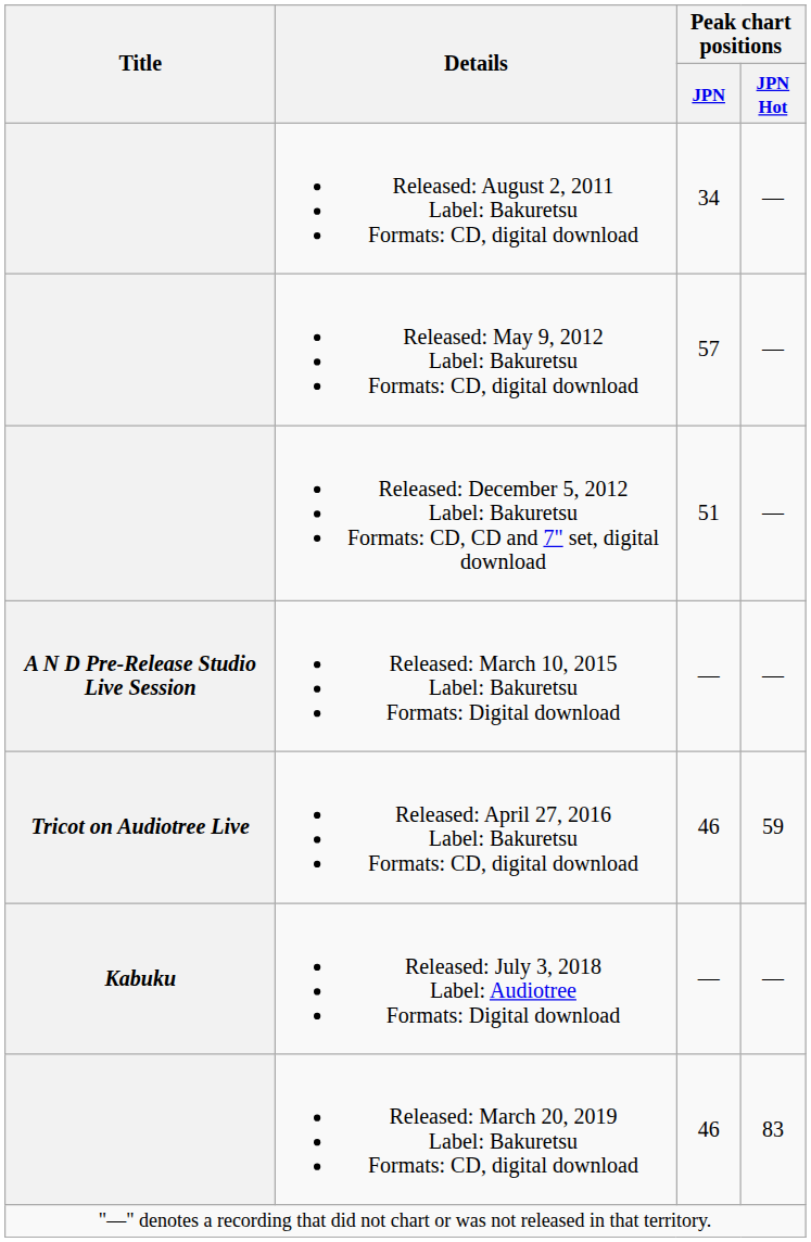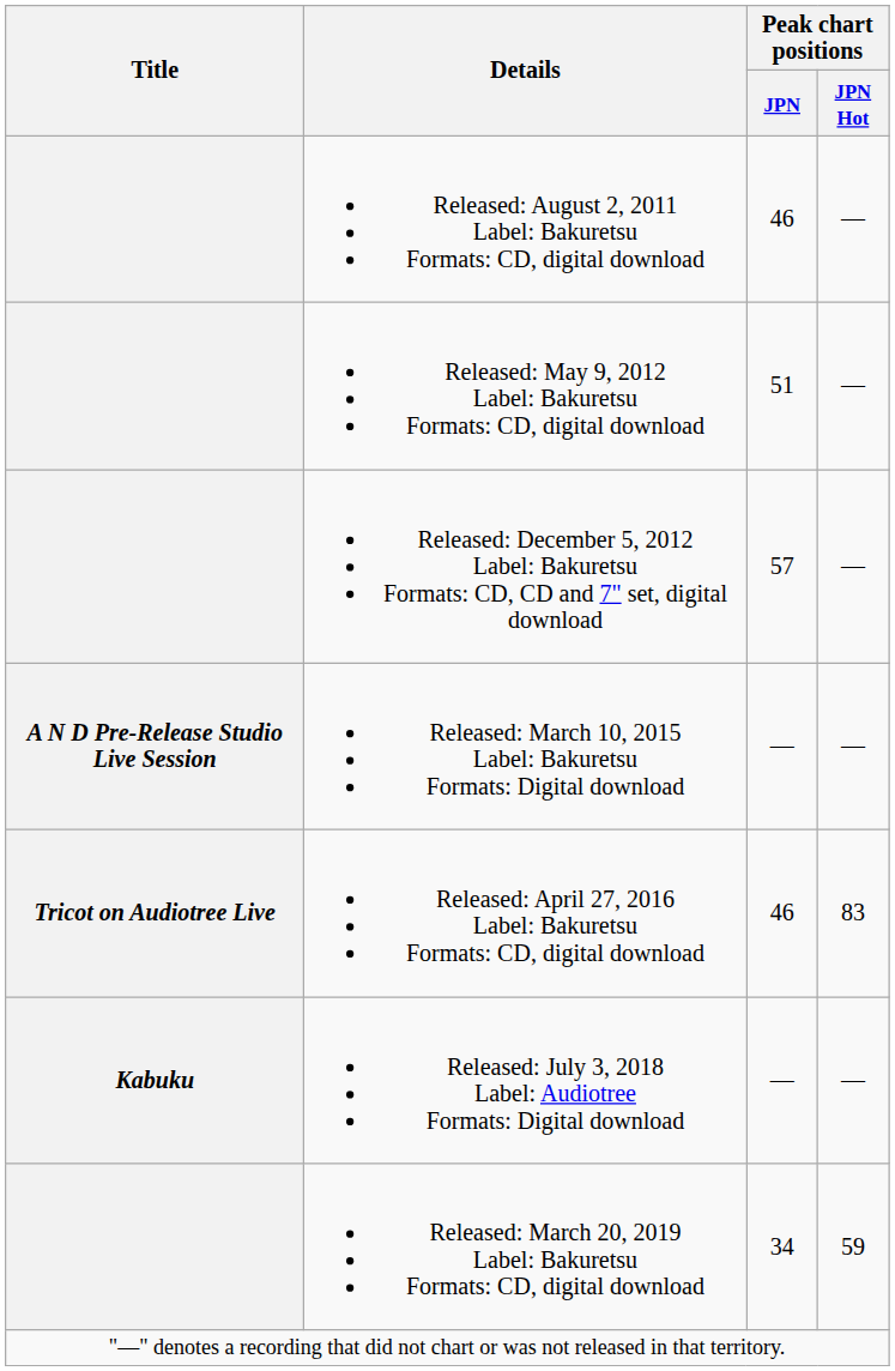 <table class="wikitable plainrowheaders" style="text-align:center;">
 <tr>
 <th rowspan="2" style="width:12em;">Title</th>
 <th rowspan="2" style="width:18em;">Details</th>
 <th colspan="2">Peak chart positions</th>
 </tr>
 <tr>
 <th style="width:2.5em;"><small><a href='#'>JPN</a></small></th>
 <th style="width:2.5em;"><small><a href='#'>JPN Hot</a></small></th>
 </tr>
 <tr>
 <th scope="row"></th>
 <td><br><ul><li>Released: August 2, 2011</li><li>Label: Bakuretsu</li><li>Formats: CD, digital download</li></ul></td>
-<td>34</td>
+<td>46</td>
 <td>—</td>
 </tr>
 <tr>
 <th scope="row"></th>
 <td><br><ul><li>Released: May 9, 2012</li><li>Label: Bakuretsu</li><li>Formats: CD, digital download</li></ul></td>
-<td>57</td>
+<td>51</td>
 <td>—</td>
 </tr>
 <tr>
 <th scope="row"></th>
 <td><br><ul><li>Released: December 5, 2012</li><li>Label: Bakuretsu</li><li>Formats: CD, CD and <a href='#'>7"</a> set, digital download</li></ul></td>
-<td>51</td>
+<td>57</td>
 <td>—</td>
 </tr>
 <tr>
 <th scope="row"><em>A N D Pre-Release Studio Live Session</em></th>
 <td><br><ul><li>Released: March 10, 2015</li><li>Label: Bakuretsu</li><li>Formats: Digital download</li></ul></td>
 <td>—</td>
 <td>—</td>
 </tr>
 <tr>
 <th scope="row"><em>Tricot on Audiotree Live</em></th>
 <td><br><ul><li>Released: April 27, 2016</li><li>Label: Bakuretsu</li><li>Formats: CD, digital download</li></ul></td>
 <td>46</td>
-<td>59</td>
+<td>83</td>
 </tr>
 <tr>
 <th scope="row"><em>Kabuku</em></th>
 <td><br><ul><li>Released: July 3, 2018</li><li>Label: <a href='#'>Audiotree</a></li><li>Formats: Digital download</li></ul></td>
 <td>—</td>
 <td>—</td>
 </tr>
 <tr>
 <th scope="row"></th>
 <td><br><ul><li>Released: March 20, 2019</li><li>Label: Bakuretsu</li><li>Formats: CD, digital download</li></ul></td>
-<td>46</td>
-<td>83</td>
+<td>34</td>
+<td>59</td>
 </tr>
 <tr>
 <td colspan="4" style="font-size:90%">"—" denotes a recording that did not chart or was not released in that territory.</td>
 </tr>
 </table>
